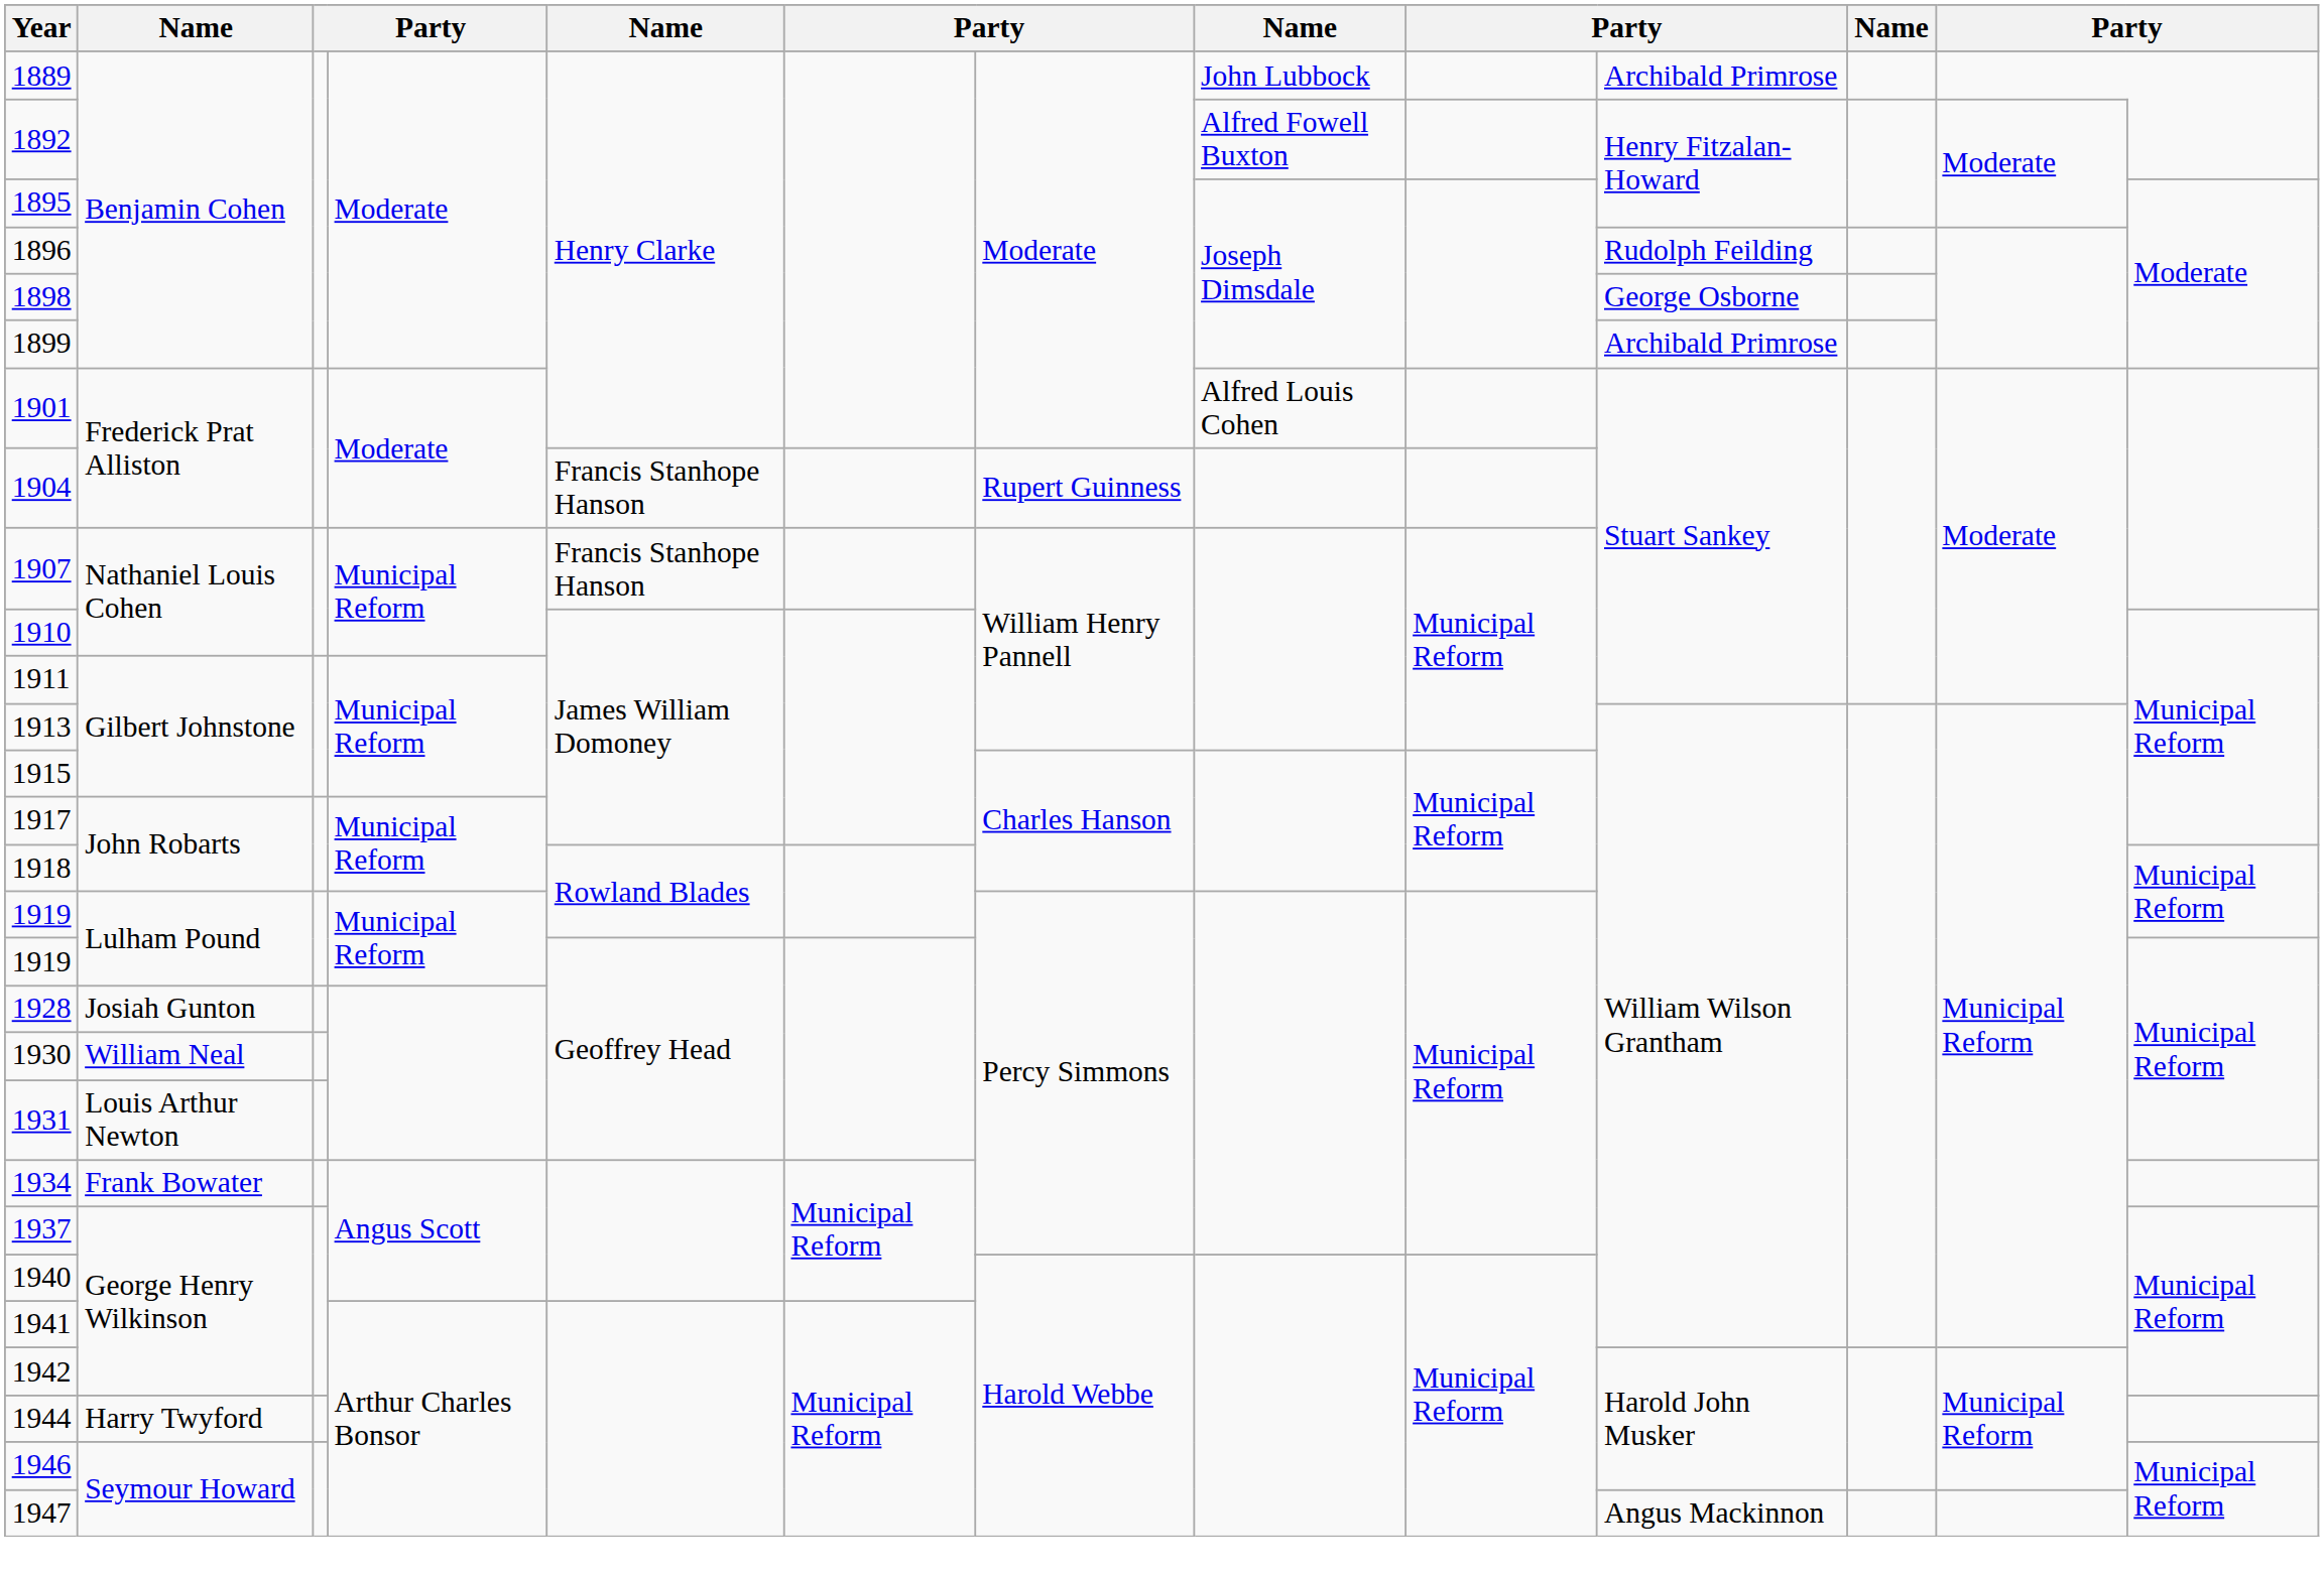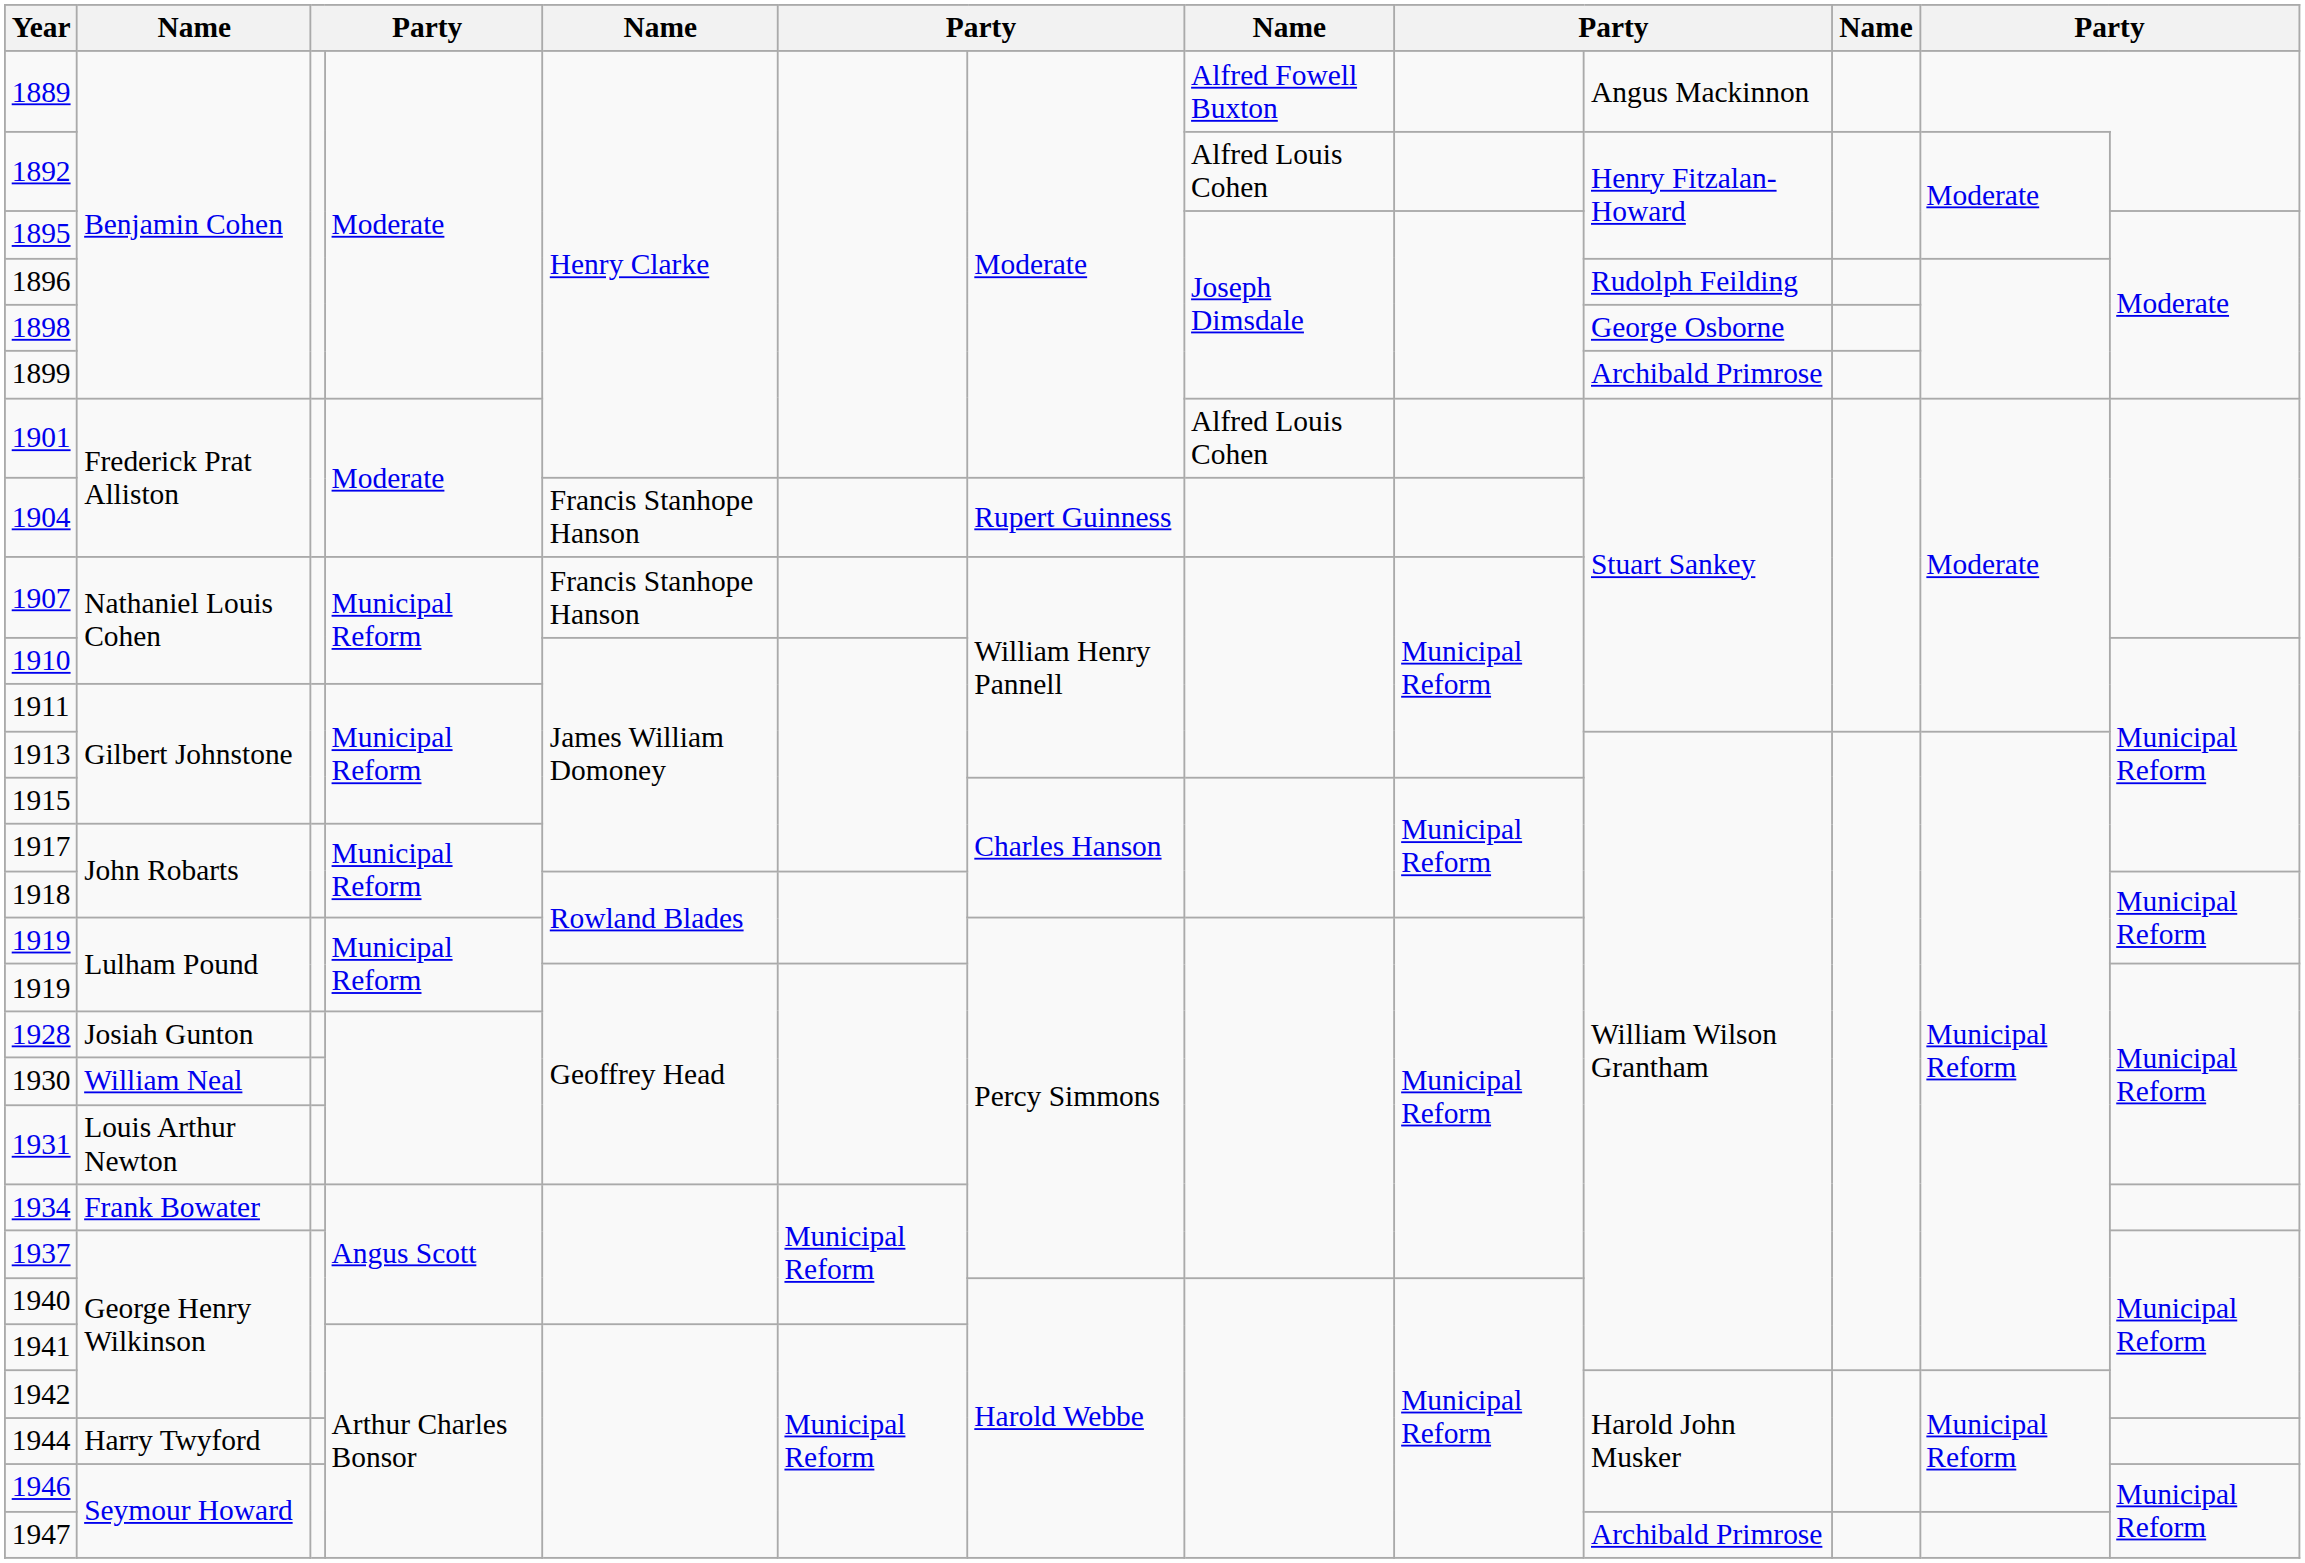 <table class="wikitable">
 <tr>
 <th>Year</th>
 <th>Name</th>
 <th colspan=2>Party</th>
 <th>Name</th>
 <th colspan=2>Party</th>
 <th>Name</th>
 <th colspan=2>Party</th>
 <th>Name</th>
 <th colspan=2>Party</th>
 </tr>
 <tr>
 <td><a href='#'>1889</a></td>
 <td rowspan=6><a href='#'>Benjamin Cohen</a></td>
 <td rowspan=6 style="background-color: "></td>
 <td rowspan=6><a href='#'>Moderate</a></td>
 <td rowspan=7><a href='#'>Henry Clarke</a></td>
 <td rowspan=7 style="background-color: "></td>
 <td rowspan=7><a href='#'>Moderate</a></td>
-<td><a href='#'>John Lubbock</a></td>
+<td><a href='#'>Alfred Fowell Buxton</a></td>
 <td></td>
-<td><a href='#'>Archibald Primrose</a></td>
+<td>Angus Mackinnon</td>
 <td></td>
 </tr>
 <tr>
 <td><a href='#'>1892</a></td>
-<td><a href='#'>Alfred Fowell Buxton</a></td>
+<td>Alfred Louis Cohen</td>
 <td></td>
 <td rowspan=2><a href='#'>Henry Fitzalan-Howard</a></td>
 <td rowspan=2 style="background-color: "></td>
 <td rowspan=2><a href='#'>Moderate</a></td>
 </tr>
 <tr>
 <td><a href='#'>1895</a></td>
 <td rowspan=4><a href='#'>Joseph Dimsdale</a></td>
 <td rowspan=4 style="background-color: "></td>
 <td rowspan=4><a href='#'>Moderate</a></td>
 </tr>
 <tr>
 <td>1896</td>
 <td><a href='#'>Rudolph Feilding</a></td>
 <td></td>
 </tr>
 <tr>
 <td><a href='#'>1898</a></td>
 <td><a href='#'>George Osborne</a></td>
 <td></td>
 </tr>
 <tr>
 <td>1899</td>
 <td><a href='#'>Archibald Primrose</a></td>
 <td></td>
 </tr>
 <tr>
 <td><a href='#'>1901</a></td>
 <td rowspan=2>Frederick Prat Alliston</td>
 <td rowspan=2 style="background-color: "></td>
 <td rowspan=2><a href='#'>Moderate</a></td>
 <td>Alfred Louis Cohen</td>
 <td></td>
 <td rowspan=5><a href='#'>Stuart Sankey</a></td>
 <td rowspan=5 style="background-color: "></td>
 <td rowspan=5><a href='#'>Moderate</a></td>
 </tr>
 <tr>
 <td><a href='#'>1904</a></td>
 <td>Francis Stanhope Hanson</td>
 <td></td>
 <td><a href='#'>Rupert Guinness</a></td>
 <td></td>
 </tr>
 <tr>
 <td><a href='#'>1907</a></td>
 <td rowspan=2>Nathaniel Louis Cohen</td>
 <td rowspan=2 style="background-color: "></td>
 <td rowspan=2><a href='#'>Municipal Reform</a></td>
 <td>Francis Stanhope Hanson</td>
 <td></td>
 <td rowspan=4>William Henry Pannell</td>
 <td rowspan=4 style="background-color: "></td>
 <td rowspan=4><a href='#'>Municipal Reform</a></td>
 </tr>
 <tr>
 <td><a href='#'>1910</a></td>
 <td rowspan=5>James William Domoney</td>
 <td rowspan=5 style="background-color: "></td>
 <td rowspan=5><a href='#'>Municipal Reform</a></td>
 </tr>
 <tr>
 <td>1911</td>
 <td rowspan=3>Gilbert Johnstone</td>
 <td rowspan=3 style="background-color: "></td>
 <td rowspan=3><a href='#'>Municipal Reform</a></td>
 </tr>
 <tr>
 <td>1913</td>
 <td rowspan=13>William Wilson Grantham</td>
 <td rowspan=13 style="background-color: "></td>
 <td rowspan=13><a href='#'>Municipal Reform</a></td>
 </tr>
 <tr>
 <td>1915</td>
 <td rowspan=3><a href='#'>Charles Hanson</a></td>
 <td rowspan=3 style="background-color: "></td>
 <td rowspan=3><a href='#'>Municipal Reform</a></td>
 </tr>
 <tr>
 <td>1917</td>
 <td rowspan=2>John Robarts</td>
 <td rowspan=2 style="background-color: "></td>
 <td rowspan=2><a href='#'>Municipal Reform</a></td>
 </tr>
 <tr>
 <td>1918</td>
 <td rowspan=2><a href='#'>Rowland Blades</a></td>
 <td rowspan=2 style="background-color: "></td>
 <td rowspan=2><a href='#'>Municipal Reform</a></td>
 </tr>
 <tr>
 <td><a href='#'>1919</a></td>
 <td rowspan=2>Lulham Pound</td>
 <td rowspan=2 style="background-color: "></td>
 <td rowspan=2><a href='#'>Municipal Reform</a></td>
 <td rowspan=7>Percy Simmons</td>
 <td rowspan=7 style="background-color: "></td>
 <td rowspan=7><a href='#'>Municipal Reform</a></td>
 </tr>
 <tr>
 <td>1919</td>
 <td rowspan=4>Geoffrey Head</td>
 <td rowspan=4 style="background-color: "></td>
 <td rowspan=4><a href='#'>Municipal Reform</a></td>
 </tr>
 <tr>
 <td><a href='#'>1928</a></td>
 <td>Josiah Gunton</td>
 <td></td>
 </tr>
 <tr>
 <td>1930</td>
 <td><a href='#'>William Neal</a></td>
 <td></td>
 </tr>
 <tr>
 <td><a href='#'>1931</a></td>
 <td>Louis Arthur Newton</td>
 <td></td>
 </tr>
 <tr>
 <td><a href='#'>1934</a></td>
 <td><a href='#'>Frank Bowater</a></td>
 <td></td>
 <td rowspan=3><a href='#'>Angus Scott</a></td>
 <td rowspan=3 style="background-color: "></td>
 <td rowspan=3><a href='#'>Municipal Reform</a></td>
 </tr>
 <tr>
 <td><a href='#'>1937</a></td>
 <td rowspan=4>George Henry Wilkinson</td>
 <td rowspan=4 style="background-color: "></td>
 <td rowspan=4><a href='#'>Municipal Reform</a></td>
 </tr>
 <tr>
 <td>1940</td>
 <td rowspan=6><a href='#'>Harold Webbe</a></td>
 <td rowspan=6 style="background-color: "></td>
 <td rowspan=6><a href='#'>Municipal Reform</a></td>
 </tr>
 <tr>
 <td>1941</td>
 <td rowspan=5>Arthur Charles Bonsor</td>
 <td rowspan=5 style="background-color: "></td>
 <td rowspan=5><a href='#'>Municipal Reform</a></td>
 </tr>
 <tr>
 <td>1942</td>
 <td rowspan=3>Harold John Musker</td>
 <td rowspan=3 style="background-color: "></td>
 <td rowspan=3><a href='#'>Municipal Reform</a></td>
 </tr>
 <tr>
 <td>1944</td>
 <td>Harry Twyford</td>
 <td></td>
 </tr>
 <tr>
 <td><a href='#'>1946</a></td>
 <td rowspan=2><a href='#'>Seymour Howard</a></td>
 <td rowspan=2 style="background-color: "></td>
 <td rowspan=2><a href='#'>Municipal Reform</a></td>
 </tr>
 <tr>
 <td>1947</td>
-<td>Angus Mackinnon</td>
+<td><a href='#'>Archibald Primrose</a></td>
 <td></td>
 </tr>
 </table>
